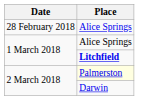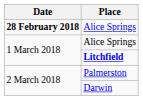 <table class="wikitable">
 <tr>
 <th>Date</th>
 <th>Place</th>
 </tr>
 <tr>
-<td>28 February 2018</td>
+<td><strong>28 February 2018</strong></td>
 <td><a href='#'>Alice Springs</a></td>
 </tr>
 <tr>
 <td rowspan="2">1 March 2018</td>
 <td>Alice Springs</td>
 </tr>
 <tr>
 <td><strong><a href='#'>Litchfield</a></strong></td>
 </tr>
 <tr>
 <td rowspan="2">2 March 2018</td>
-<td style="background: lightyellow;"><a href='#'>Palmerston</a></td>
+<td><a href='#'>Palmerston</a></td>
 </tr>
 <tr>
 <td><a href='#'>Darwin</a></td>
 </tr>
 </table>
